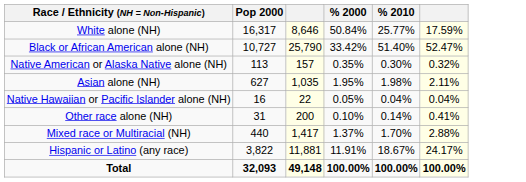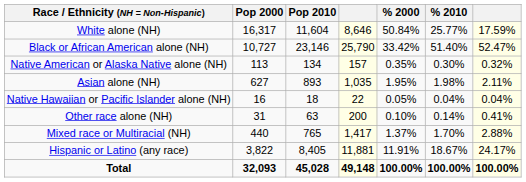 <table class="wikitable" style="text-align:center;">
 <tr>
 <th>Race / Ethnicity <small>(<em>NH = Non-Hispanic</em>)</small></th>
 <th>Pop 2000</th>
+<th>Pop 2010</th>
 <th></th>
 <th>% 2000</th>
 <th>% 2010</th>
 <th></th>
 </tr>
 <tr>
 <td><a href='#'>White</a> alone (NH)</td>
 <td>16,317</td>
+<td>11,604</td>
 <td style='background: #ffffe6;'>8,646</td>
 <td>50.84%</td>
 <td>25.77%</td>
 <td style='background: #ffffe6;'>17.59%</td>
 </tr>
 <tr>
 <td><a href='#'>Black or African American</a> alone (NH)</td>
 <td>10,727</td>
+<td>23,146</td>
 <td style='background: #ffffe6;'>25,790</td>
 <td>33.42%</td>
 <td>51.40%</td>
 <td style='background: #ffffe6;'>52.47%</td>
 </tr>
 <tr>
 <td><a href='#'>Native American</a> or <a href='#'>Alaska Native</a> alone (NH)</td>
 <td>113</td>
+<td>134</td>
 <td style='background: #ffffe6;'>157</td>
 <td>0.35%</td>
 <td>0.30%</td>
 <td style='background: #ffffe6;'>0.32%</td>
 </tr>
 <tr>
 <td><a href='#'>Asian</a> alone (NH)</td>
 <td>627</td>
+<td>893</td>
 <td style='background: #ffffe6;'>1,035</td>
 <td>1.95%</td>
 <td>1.98%</td>
 <td style='background: #ffffe6;'>2.11%</td>
 </tr>
 <tr>
 <td><a href='#'>Native Hawaiian</a> or <a href='#'>Pacific Islander</a> alone (NH)</td>
 <td>16</td>
+<td>18</td>
 <td style='background: #ffffe6;'>22</td>
 <td>0.05%</td>
 <td>0.04%</td>
 <td style='background: #ffffe6;'>0.04%</td>
 </tr>
 <tr>
 <td><a href='#'>Other race</a> alone (NH)</td>
 <td>31</td>
+<td>63</td>
 <td style='background: #ffffe6;'>200</td>
 <td>0.10%</td>
 <td>0.14%</td>
 <td style='background: #ffffe6;'>0.41%</td>
 </tr>
 <tr>
 <td><a href='#'>Mixed race or Multiracial</a> (NH)</td>
 <td>440</td>
+<td>765</td>
 <td style='background: #ffffe6;'>1,417</td>
 <td>1.37%</td>
 <td>1.70%</td>
 <td style='background: #ffffe6;'>2.88%</td>
 </tr>
 <tr>
 <td><a href='#'>Hispanic or Latino</a> (any race)</td>
 <td>3,822</td>
+<td>8,405</td>
 <td style='background: #ffffe6;'>11,881</td>
 <td>11.91%</td>
 <td>18.67%</td>
 <td style='background: #ffffe6;'>24.17%</td>
 </tr>
 <tr>
 <td><strong>Total</strong></td>
 <td><strong>32,093</strong></td>
+<td><strong>45,028</strong></td>
 <td style='background: #ffffe6;'><strong>49,148</strong></td>
 <td><strong>100.00%</strong></td>
 <td><strong>100.00%</strong></td>
 <td style='background: #ffffe6;'><strong>100.00%</strong></td>
 </tr>
 </table>
